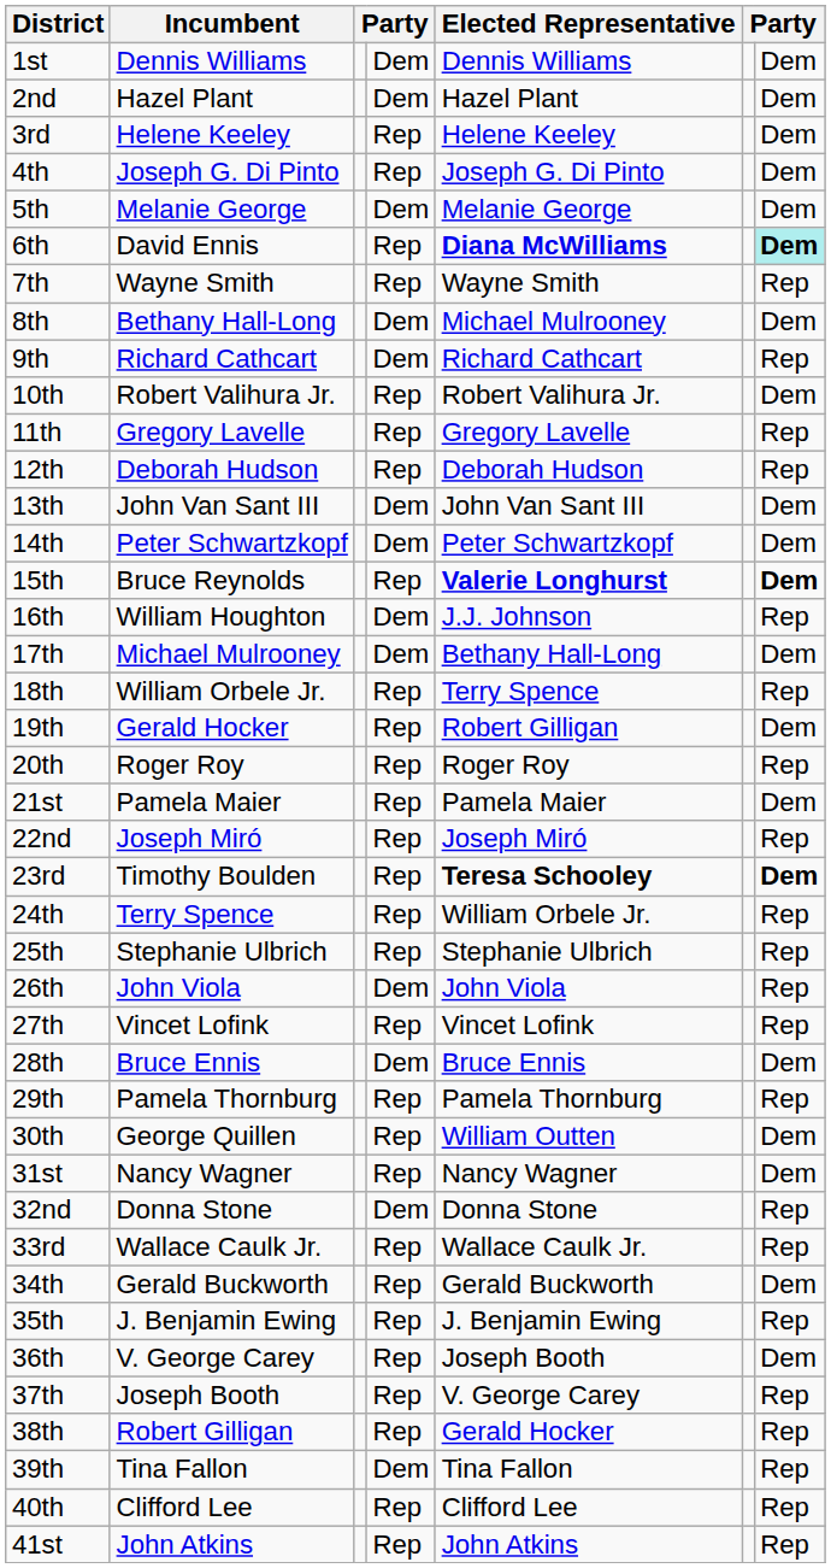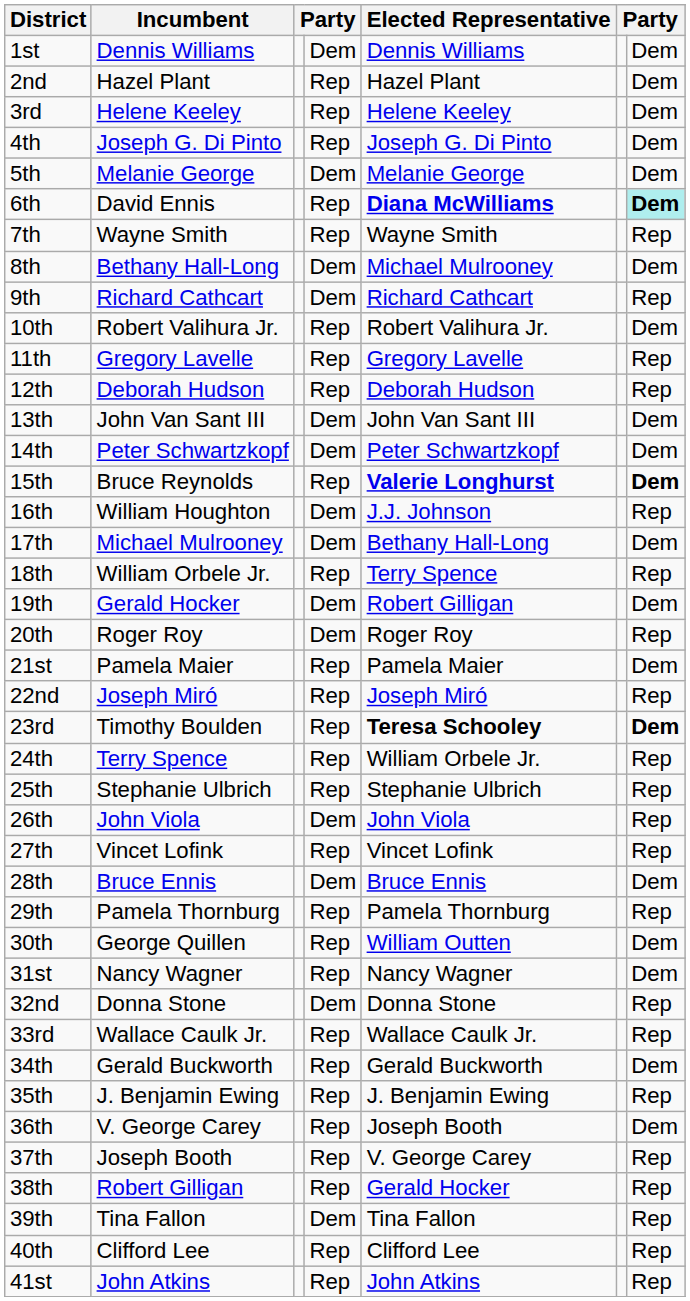 <table class="sortable wikitable" style="font-size:95%;line-height:14px;">
 <tr>
 <th class="sortable">District</th>
 <th class="unsortable">Incumbent</th>
 <th colspan="2">Party</th>
 <th class="unsortable">Elected Representative</th>
 <th colspan="2">Party</th>
 </tr>
 <tr>
 <td>1st</td>
 <td><a href='#'>Dennis Williams</a></td>
 <td style="background:"></td>
 <td>Dem</td>
 <td><a href='#'>Dennis Williams</a></td>
 <td style="background:"></td>
 <td>Dem</td>
 </tr>
 <tr>
 <td>2nd</td>
 <td>Hazel Plant</td>
 <td style="background:"></td>
-<td>Dem</td>
+<td>Rep</td>
 <td>Hazel Plant</td>
 <td style="background:"></td>
 <td>Dem</td>
 </tr>
 <tr>
 <td>3rd</td>
 <td><a href='#'>Helene Keeley</a></td>
 <td style="background:"></td>
 <td>Rep</td>
 <td><a href='#'>Helene Keeley</a></td>
 <td style="background:"></td>
 <td>Dem</td>
 </tr>
 <tr>
 <td>4th</td>
 <td><a href='#'>Joseph G. Di Pinto</a></td>
 <td style="background:"></td>
 <td>Rep</td>
 <td><a href='#'>Joseph G. Di Pinto</a></td>
 <td style="background:"></td>
 <td>Dem</td>
 </tr>
 <tr>
 <td>5th</td>
 <td><a href='#'>Melanie George</a></td>
 <td style="background:"></td>
 <td>Dem</td>
 <td><a href='#'>Melanie George</a></td>
 <td style="background:"></td>
 <td>Dem</td>
 </tr>
 <tr>
 <td>6th</td>
 <td>David Ennis</td>
 <td style="background:"></td>
 <td>Rep</td>
 <td><strong><a href='#'>Diana McWilliams</a></strong></td>
 <td style="background:"></td>
 <td style="background: paleturquoise;"><strong>Dem</strong></td>
 </tr>
 <tr>
 <td>7th</td>
 <td>Wayne Smith</td>
 <td style="background:"></td>
 <td>Rep</td>
 <td>Wayne Smith</td>
 <td style="background:"></td>
 <td>Rep</td>
 </tr>
 <tr>
 <td>8th</td>
 <td><a href='#'>Bethany Hall-Long</a></td>
 <td style="background:"></td>
 <td>Dem</td>
 <td><a href='#'>Michael Mulrooney</a></td>
 <td style="background:"></td>
 <td>Dem</td>
 </tr>
 <tr>
 <td>9th</td>
 <td><a href='#'>Richard Cathcart</a></td>
 <td style="background:"></td>
 <td>Dem</td>
 <td><a href='#'>Richard Cathcart</a></td>
 <td style="background:"></td>
 <td>Rep</td>
 </tr>
 <tr>
 <td>10th</td>
 <td>Robert Valihura Jr.</td>
 <td style="background:"></td>
 <td>Rep</td>
 <td>Robert Valihura Jr.</td>
 <td style="background:"></td>
 <td>Dem</td>
 </tr>
 <tr>
 <td>11th</td>
 <td><a href='#'>Gregory Lavelle</a></td>
 <td style="background:"></td>
 <td>Rep</td>
 <td><a href='#'>Gregory Lavelle</a></td>
 <td style="background:"></td>
 <td>Rep</td>
 </tr>
 <tr>
 <td>12th</td>
 <td><a href='#'>Deborah Hudson</a></td>
 <td style="background:"></td>
 <td>Rep</td>
 <td><a href='#'>Deborah Hudson</a></td>
 <td style="background:"></td>
 <td>Rep</td>
 </tr>
 <tr>
 <td>13th</td>
 <td>John Van Sant III</td>
 <td style="background:"></td>
 <td>Dem</td>
 <td>John Van Sant III</td>
 <td style="background:"></td>
 <td>Dem</td>
 </tr>
 <tr>
 <td>14th</td>
 <td><a href='#'>Peter Schwartzkopf</a></td>
 <td style="background:"></td>
 <td>Dem</td>
 <td><a href='#'>Peter Schwartzkopf</a></td>
 <td style="background:"></td>
 <td>Dem</td>
 </tr>
 <tr>
 <td>15th</td>
 <td>Bruce Reynolds</td>
 <td style="background:"></td>
 <td>Rep</td>
 <td><strong><a href='#'>Valerie Longhurst</a></strong></td>
 <td style="background:"></td>
 <td><strong>Dem</strong></td>
 </tr>
 <tr>
 <td>16th</td>
 <td>William Houghton</td>
 <td style="background:"></td>
 <td>Dem</td>
 <td><a href='#'>J.J. Johnson</a></td>
 <td style="background:"></td>
 <td>Rep</td>
 </tr>
 <tr>
 <td>17th</td>
 <td><a href='#'>Michael Mulrooney</a></td>
 <td style="background:"></td>
 <td>Dem</td>
 <td><a href='#'>Bethany Hall-Long</a></td>
 <td style="background:"></td>
 <td>Dem</td>
 </tr>
 <tr>
 <td>18th</td>
 <td>William Orbele Jr.</td>
 <td style="background:"></td>
 <td>Rep</td>
 <td><a href='#'>Terry Spence</a></td>
 <td style="background:"></td>
 <td>Rep</td>
 </tr>
 <tr>
 <td>19th</td>
 <td><a href='#'>Gerald Hocker</a></td>
 <td style="background:"></td>
-<td>Rep</td>
+<td>Dem</td>
 <td><a href='#'>Robert Gilligan</a></td>
 <td style="background:"></td>
 <td>Dem</td>
 </tr>
 <tr>
 <td>20th</td>
 <td>Roger Roy</td>
 <td style="background:"></td>
-<td>Rep</td>
+<td>Dem</td>
 <td>Roger Roy</td>
 <td style="background:"></td>
 <td>Rep</td>
 </tr>
 <tr>
 <td>21st</td>
 <td>Pamela Maier</td>
 <td style="background:"></td>
 <td>Rep</td>
 <td>Pamela Maier</td>
 <td style="background:"></td>
 <td>Dem</td>
 </tr>
 <tr>
 <td>22nd</td>
 <td><a href='#'>Joseph Miró</a></td>
 <td style="background:"></td>
 <td>Rep</td>
 <td><a href='#'>Joseph Miró</a></td>
 <td style="background:"></td>
 <td>Rep</td>
 </tr>
 <tr>
 <td>23rd</td>
 <td>Timothy Boulden</td>
 <td style="background:"></td>
 <td>Rep</td>
 <td><strong>Teresa Schooley</strong></td>
 <td style="background:"></td>
 <td><strong>Dem</strong></td>
 </tr>
 <tr>
 <td>24th</td>
 <td><a href='#'>Terry Spence</a></td>
 <td style="background:"></td>
 <td>Rep</td>
 <td>William Orbele Jr.</td>
 <td style="background:"></td>
 <td>Rep</td>
 </tr>
 <tr>
 <td>25th</td>
 <td>Stephanie Ulbrich</td>
 <td style="background:"></td>
 <td>Rep</td>
 <td>Stephanie Ulbrich</td>
 <td style="background:"></td>
 <td>Rep</td>
 </tr>
 <tr>
 <td>26th</td>
 <td><a href='#'>John Viola</a></td>
 <td style="background:"></td>
 <td>Dem</td>
 <td><a href='#'>John Viola</a></td>
 <td style="background:"></td>
 <td>Rep</td>
 </tr>
 <tr>
 <td>27th</td>
 <td>Vincet Lofink</td>
 <td style="background:"></td>
 <td>Rep</td>
 <td>Vincet Lofink</td>
 <td style="background:"></td>
 <td>Rep</td>
 </tr>
 <tr>
 <td>28th</td>
 <td><a href='#'>Bruce Ennis</a></td>
 <td style="background:"></td>
 <td>Dem</td>
 <td><a href='#'>Bruce Ennis</a></td>
 <td style="background:"></td>
 <td>Dem</td>
 </tr>
 <tr>
 <td>29th</td>
 <td>Pamela Thornburg</td>
 <td style="background:"></td>
 <td>Rep</td>
 <td>Pamela Thornburg</td>
 <td style="background:"></td>
 <td>Rep</td>
 </tr>
 <tr>
 <td>30th</td>
 <td>George Quillen</td>
 <td style="background:"></td>
 <td>Rep</td>
 <td><a href='#'>William Outten</a></td>
 <td style="background:"></td>
 <td>Dem</td>
 </tr>
 <tr>
 <td>31st</td>
 <td>Nancy Wagner</td>
 <td style="background:"></td>
 <td>Rep</td>
 <td>Nancy Wagner</td>
 <td style="background:"></td>
 <td>Dem</td>
 </tr>
 <tr>
 <td>32nd</td>
 <td>Donna Stone</td>
 <td style="background:"></td>
 <td>Dem</td>
 <td>Donna Stone</td>
 <td style="background:"></td>
 <td>Rep</td>
 </tr>
 <tr>
 <td>33rd</td>
 <td>Wallace Caulk Jr.</td>
 <td style="background:"></td>
 <td>Rep</td>
 <td>Wallace Caulk Jr.</td>
 <td style="background:"></td>
 <td>Rep</td>
 </tr>
 <tr>
 <td>34th</td>
 <td>Gerald Buckworth</td>
 <td style="background:"></td>
 <td>Rep</td>
 <td>Gerald Buckworth</td>
 <td style="background:"></td>
 <td>Dem</td>
 </tr>
 <tr>
 <td>35th</td>
 <td>J. Benjamin Ewing</td>
 <td style="background:"></td>
 <td>Rep</td>
 <td>J. Benjamin Ewing</td>
 <td style="background:"></td>
 <td>Rep</td>
 </tr>
 <tr>
 <td>36th</td>
 <td>V. George Carey</td>
 <td style="background:"></td>
 <td>Rep</td>
 <td>Joseph Booth</td>
 <td style="background:"></td>
 <td>Dem</td>
 </tr>
 <tr>
 <td>37th</td>
 <td>Joseph Booth</td>
 <td style="background:"></td>
 <td>Rep</td>
 <td>V. George Carey</td>
 <td style="background:"></td>
 <td>Rep</td>
 </tr>
 <tr>
 <td>38th</td>
 <td><a href='#'>Robert Gilligan</a></td>
 <td style="background:"></td>
 <td>Rep</td>
 <td><a href='#'>Gerald Hocker</a></td>
 <td style="background:"></td>
 <td>Rep</td>
 </tr>
 <tr>
 <td>39th</td>
 <td>Tina Fallon</td>
 <td style="background:"></td>
 <td>Dem</td>
 <td>Tina Fallon</td>
 <td style="background:"></td>
 <td>Rep</td>
 </tr>
 <tr>
 <td>40th</td>
 <td>Clifford Lee</td>
 <td style="background:"></td>
 <td>Rep</td>
 <td>Clifford Lee</td>
 <td style="background:"></td>
 <td>Rep</td>
 </tr>
 <tr>
 <td>41st</td>
 <td><a href='#'>John Atkins</a></td>
 <td style="background:"></td>
 <td>Rep</td>
 <td><a href='#'>John Atkins</a></td>
 <td style="background:"></td>
 <td>Rep</td>
 </tr>
 <tr>
 </tr>
 </table>
